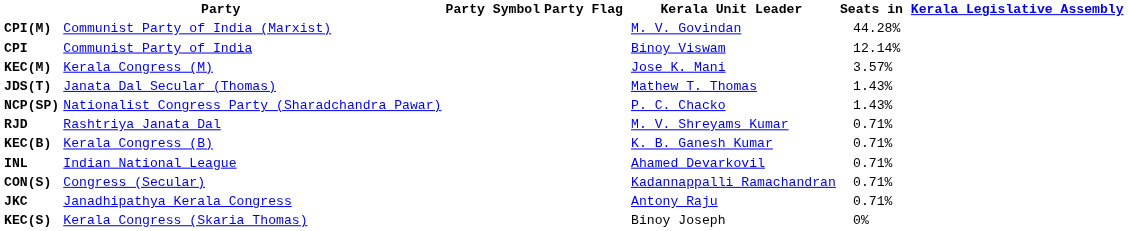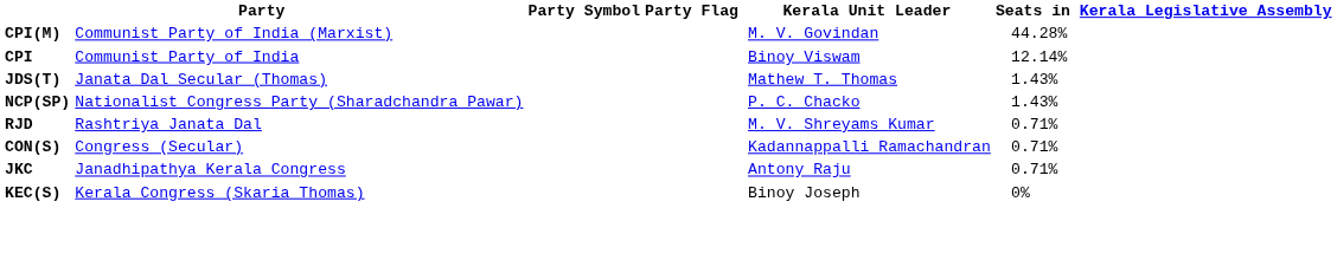 <table>
 <tr>
 <th colspan="3">Party</th>
 <th>Party Symbol</th>
 <th>Party Flag</th>
 <th colspan="2">Kerala Unit Leader</th>
 <th colspan="2">Seats in <a href='#'>Kerala Legislative Assembly</a></th>
 </tr>
 <tr>
 <td style="background-color:"></td>
 <td><strong>CPI(M)</strong></td>
 <td><a href='#'>Communist Party of India (Marxist)</a></td>
 <td></td>
 <td></td>
 <td></td>
 <td><a href='#'>M. V. Govindan</a></td>
 <td></td>
 <td>44.28%</td>
 </tr>
 <tr>
 <td style="background-color:"></td>
 <td><strong>CPI</strong></td>
 <td><a href='#'>Communist Party of India</a></td>
 <td></td>
 <td></td>
 <td></td>
 <td><a href='#'>Binoy Viswam</a></td>
 <td></td>
 <td>12.14%</td>
 </tr>
 <tr>
 <td style="background-color:"></td>
-<td><strong>KEC(M)</strong></td>
-<td><a href='#'>Kerala Congress (M)</a></td>
-<td></td>
-<td></td>
-<td></td>
-<td><a href='#'>Jose K. Mani</a></td>
-<td></td>
-<td>3.57%</td>
-</tr>
-<tr>
-<td style="background-color:"></td>
 <td><strong>JDS(T)</strong></td>
 <td><a href='#'>Janata Dal Secular (Thomas)</a></td>
 <td></td>
 <td></td>
 <td></td>
 <td><a href='#'>Mathew T. Thomas</a></td>
 <td></td>
 <td>1.43%</td>
 </tr>
 <tr>
 <td style="background-color:"></td>
 <td><strong>NCP(SP)</strong></td>
 <td><a href='#'>Nationalist Congress Party (Sharadchandra Pawar)</a></td>
 <td></td>
 <td></td>
 <td></td>
 <td><a href='#'>P. C. Chacko</a></td>
 <td></td>
 <td>1.43%</td>
 </tr>
 <tr>
 <td style="background-color:"></td>
 <td><strong>RJD</strong></td>
 <td><a href='#'>Rashtriya Janata Dal</a></td>
 <td></td>
 <td></td>
 <td></td>
 <td><a href='#'>M. V. Shreyams Kumar</a></td>
-<td></td>
-<td>0.71%</td>
-</tr>
-<tr>
-<td style="background-color:"></td>
-<td><strong>KEC(B)</strong></td>
-<td><a href='#'>Kerala Congress (B)</a></td>
-<td></td>
-<td></td>
-<td></td>
-<td><a href='#'>K. B. Ganesh Kumar</a></td>
-<td></td>
-<td>0.71%</td>
-</tr>
-<tr>
-<td style="background-color:"></td>
-<td><strong>INL</strong></td>
-<td><a href='#'>Indian National League</a></td>
-<td></td>
-<td></td>
-<td></td>
-<td><a href='#'>Ahamed Devarkovil</a></td>
 <td></td>
 <td>0.71%</td>
 </tr>
 <tr>
 <td style="background-color:"></td>
 <td><strong>CON(S)</strong></td>
 <td><a href='#'>Congress (Secular)</a></td>
 <td></td>
 <td></td>
 <td></td>
 <td><a href='#'>Kadannappalli Ramachandran</a></td>
 <td></td>
 <td>0.71%</td>
 </tr>
 <tr>
 <td style="background-color:"></td>
 <td><strong>JKC</strong></td>
 <td><a href='#'>Janadhipathya Kerala Congress</a></td>
 <td></td>
 <td></td>
 <td></td>
 <td><a href='#'>Antony Raju</a></td>
 <td></td>
 <td>0.71%</td>
 </tr>
 <tr>
 <td style="background-color:"></td>
 <td><strong>KEC(S)</strong></td>
 <td><a href='#'>Kerala Congress (Skaria Thomas)</a></td>
 <td></td>
 <td></td>
 <td></td>
 <td>Binoy Joseph</td>
 <td></td>
 <td>0%</td>
 </tr>
 <tr>
 </tr>
 </table>
